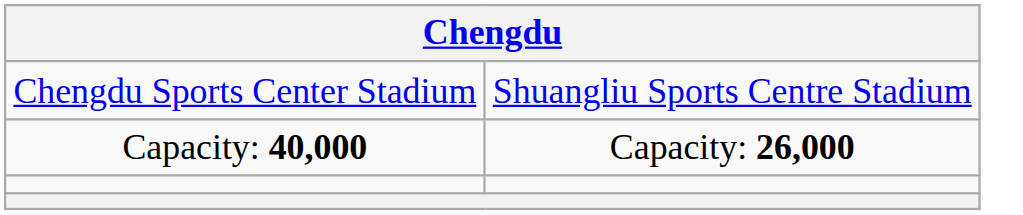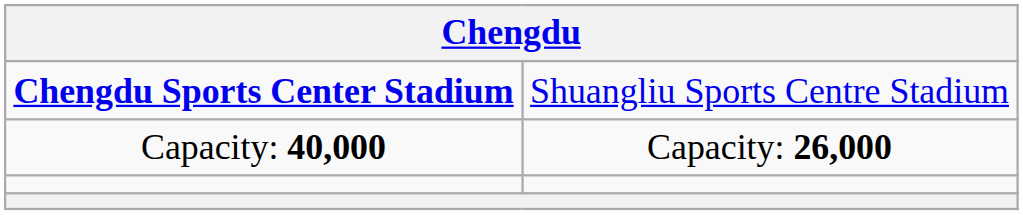 <table class="wikitable" style="text-align:center">
 <tr>
 <th colspan="2"><a href='#'>Chengdu</a></th>
 </tr>
 <tr>
-<td><a href='#'>Chengdu Sports Center Stadium</a></td>
+<td><strong><a href='#'>Chengdu Sports Center Stadium</a></strong></td>
 <td><a href='#'>Shuangliu Sports Centre Stadium</a></td>
 </tr>
 <tr>
 <td>Capacity: <strong>40,000</strong></td>
 <td>Capacity: <strong>26,000</strong></td>
 </tr>
 <tr>
 <td></td>
 <td></td>
 </tr>
 <tr>
 <th colspan="2" rowspan="4"></th>
 </tr>
 </table>
